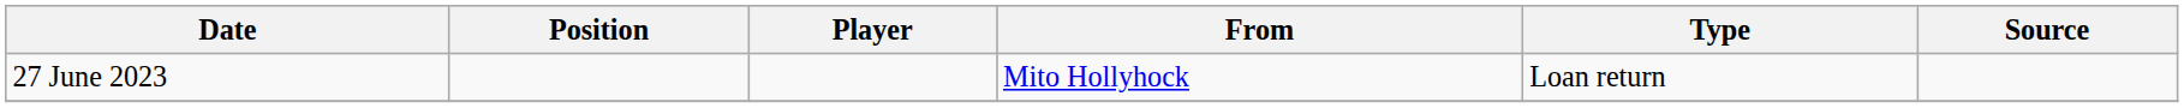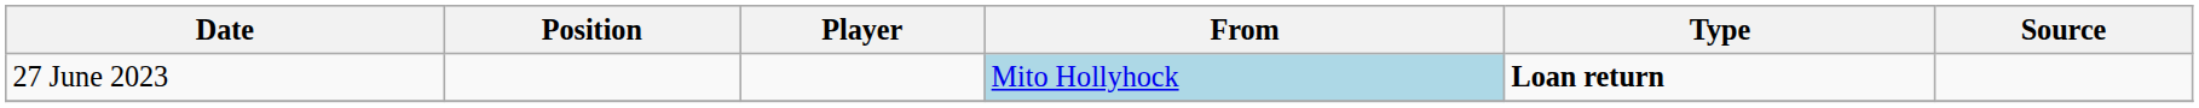 <table class="wikitable sortable" style="width:90%; text-align:center; font-size:95%; text-align:left;">
 <tr>
 <th>Date</th>
 <th>Position</th>
 <th>Player</th>
 <th>From</th>
 <th>Type</th>
 <th>Source</th>
 </tr>
 <tr>
 <td>27 June 2023</td>
 <td></td>
 <td></td>
-<td> <a href='#'>Mito Hollyhock</a></td>
-<td>Loan return</td>
+<td style="background: lightblue;"> <a href='#'>Mito Hollyhock</a></td>
+<td><strong>Loan return</strong></td>
 <td></td>
 </tr>
 <tr>
 </tr>
 </table>
